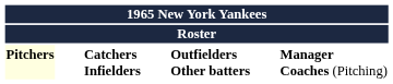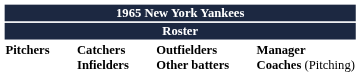 <table class="toccolours" style="font-size: 95%;">
 <tr>
 <th colspan="10" style="background-color: #1c2841; color: white; text-align: center;">1965 New York Yankees</th>
 </tr>
 <tr>
 <td colspan="10" style="background-color:#1c2841; color: white; text-align: center;"><strong>Roster</strong></td>
 </tr>
 <tr>
-<td valign="top" style="background: lightyellow;"><strong>Pitchers</strong><br>               </td>
+<td valign="top"><strong>Pitchers</strong><br>               </td>
 <td width="25px"></td>
 <td valign="top"><strong>Catchers</strong><br>     <strong>Infielders</strong>         </td>
 <td width="25px"></td>
 <td valign="top"><strong>Outfielders</strong><br>          <strong>Other batters</strong> </td>
 <td width="25px"></td>
 <td valign="top"><strong>Manager</strong><br> <strong>Coaches</strong>    (Pitching)  </td>
 </tr>
 </table>
